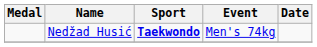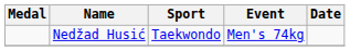 <table class="wikitable sortable" style="font-size: 95%">
 <tr>
 <th>Medal</th>
 <th>Name</th>
 <th>Sport</th>
 <th>Event</th>
 <th>Date</th>
 </tr>
 <tr>
 <td></td>
 <td><a href='#'>Nedžad Husić</a></td>
-<td><strong><a href='#'>Taekwondo</a></strong></td>
+<td><a href='#'>Taekwondo</a></td>
 <td><a href='#'>Men's 74kg</a></td>
 <td></td>
 </tr>
 <tr>
 </tr>
 </table>
